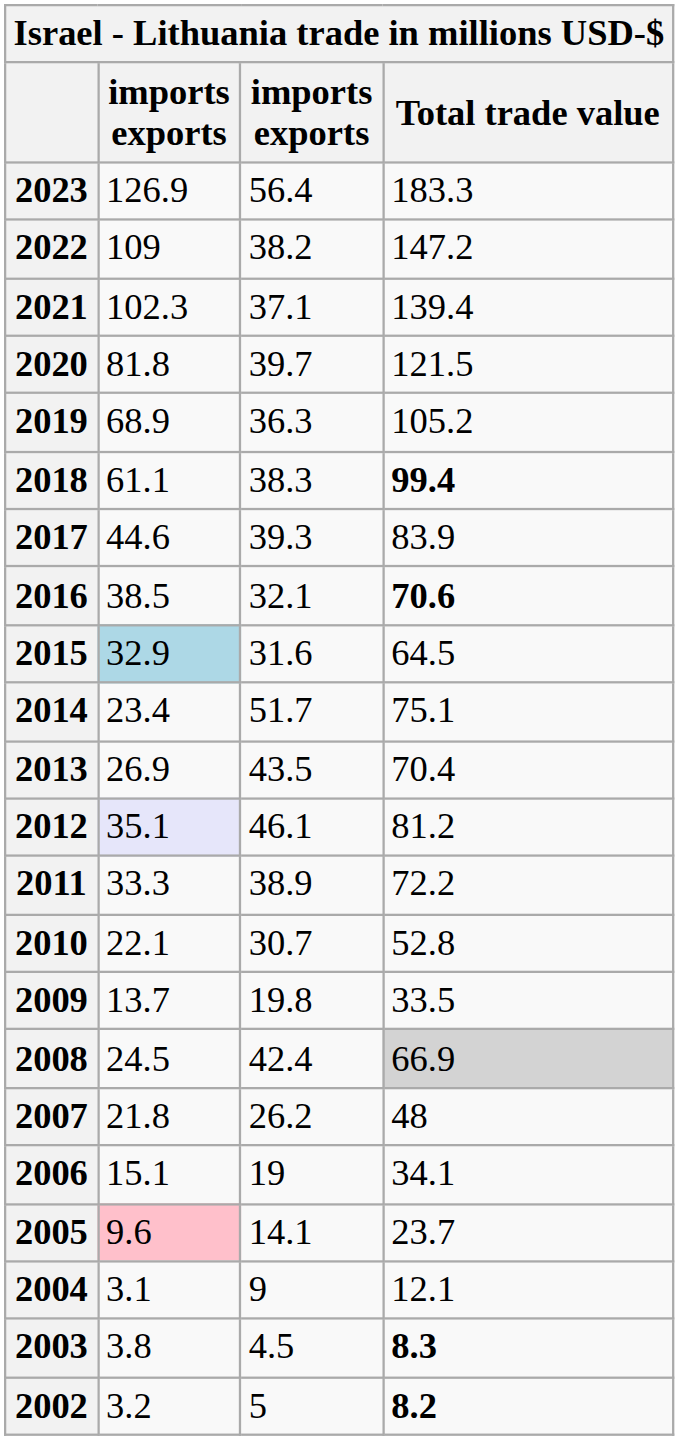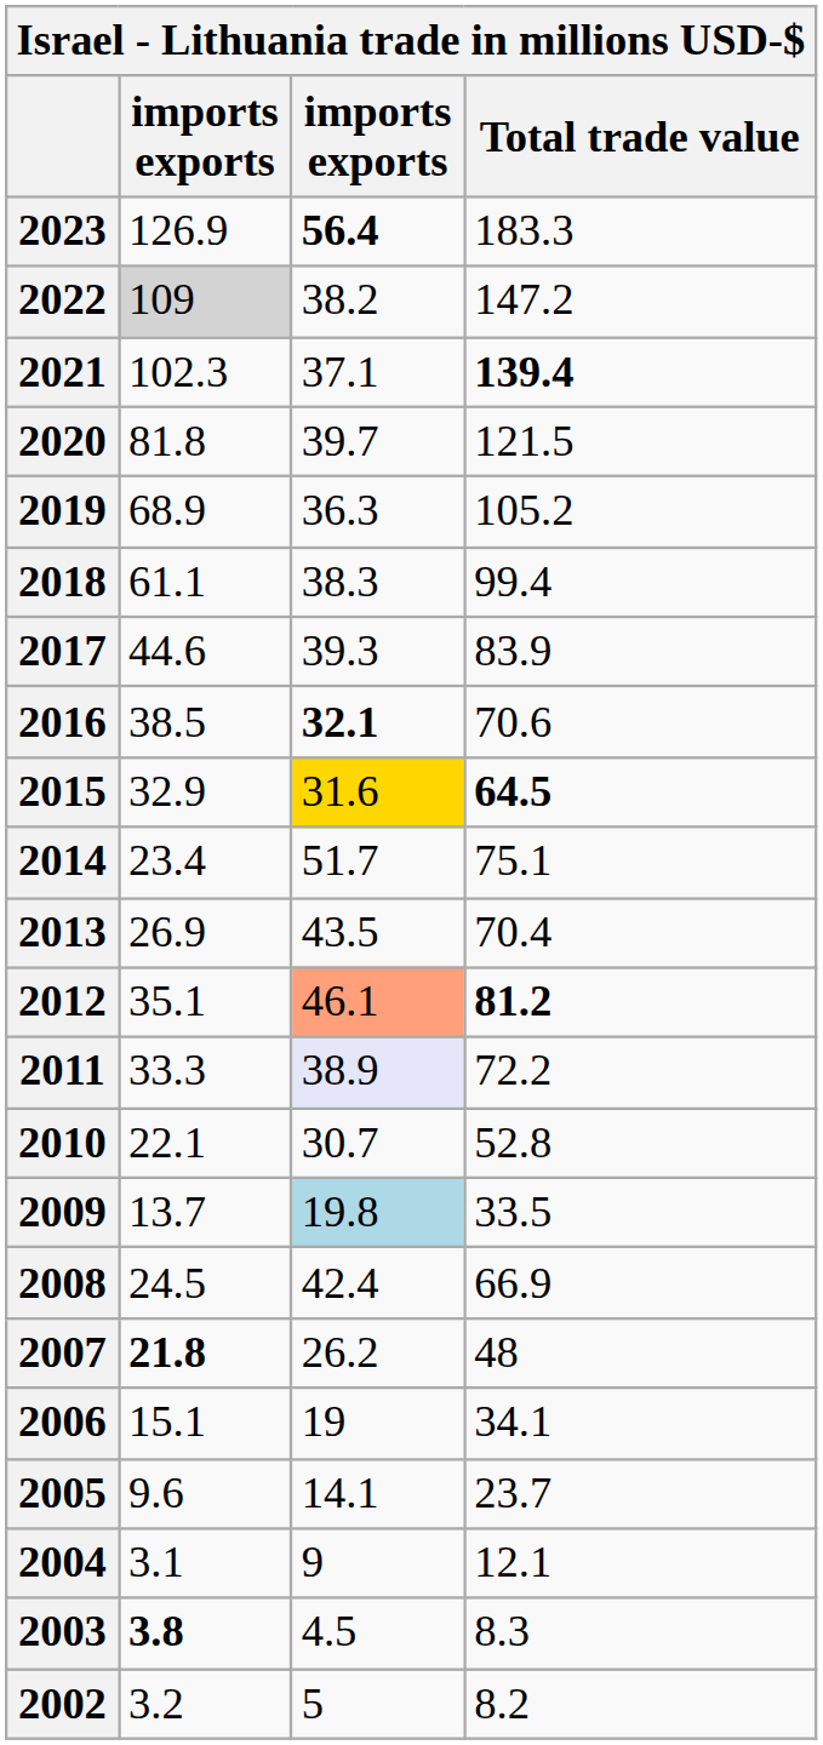 <table class="wikitable mw-collapsible mw-collapsed">
 <tr>
 <th colspan="4">Israel - Lithuania  trade in millions USD-$</th>
 </tr>
 <tr>
 <th></th>
 <th> imports<br> exports</th>
 <th> imports<br> exports</th>
 <th>Total trade value</th>
 </tr>
 <tr>
 <th>2023</th>
 <td>126.9</td>
-<td>56.4</td>
+<td><strong>56.4</strong></td>
 <td>183.3</td>
 </tr>
 <tr>
 <th>2022</th>
-<td>109</td>
+<td style="background: lightgrey;">109</td>
 <td>38.2</td>
 <td>147.2</td>
 </tr>
 <tr>
 <th>2021</th>
 <td>102.3</td>
 <td>37.1</td>
-<td>139.4</td>
+<td><strong>139.4</strong></td>
 </tr>
 <tr>
 <th>2020</th>
 <td>81.8</td>
 <td>39.7</td>
 <td>121.5</td>
 </tr>
 <tr>
 <th>2019</th>
 <td>68.9</td>
 <td>36.3</td>
 <td>105.2</td>
 </tr>
 <tr>
 <th>2018</th>
 <td>61.1</td>
 <td>38.3</td>
-<td><strong>99.4</strong></td>
+<td>99.4</td>
 </tr>
 <tr>
 <th>2017</th>
 <td>44.6</td>
 <td>39.3</td>
 <td>83.9</td>
 </tr>
 <tr>
 <th>2016</th>
 <td>38.5</td>
-<td>32.1</td>
-<td><strong>70.6</strong></td>
+<td><strong>32.1</strong></td>
+<td>70.6</td>
 </tr>
 <tr>
 <th>2015</th>
-<td style="background: lightblue;">32.9</td>
-<td>31.6</td>
-<td>64.5</td>
+<td>32.9</td>
+<td style="background: gold;">31.6</td>
+<td><strong>64.5</strong></td>
 </tr>
 <tr>
 <th>2014</th>
 <td>23.4</td>
 <td>51.7</td>
 <td>75.1</td>
 </tr>
 <tr>
 <th>2013</th>
 <td>26.9</td>
 <td>43.5</td>
 <td>70.4</td>
 </tr>
 <tr>
 <th>2012</th>
-<td style="background: lavender;">35.1</td>
-<td>46.1</td>
-<td>81.2</td>
+<td>35.1</td>
+<td style="background: lightsalmon;">46.1</td>
+<td><strong>81.2</strong></td>
 </tr>
 <tr>
 <th>2011</th>
 <td>33.3</td>
-<td>38.9</td>
+<td style="background: lavender;">38.9</td>
 <td>72.2</td>
 </tr>
 <tr>
 <th>2010</th>
 <td>22.1</td>
 <td>30.7</td>
 <td>52.8</td>
 </tr>
 <tr>
 <th>2009</th>
 <td>13.7</td>
-<td>19.8</td>
+<td style="background: lightblue;">19.8</td>
 <td>33.5</td>
 </tr>
 <tr>
 <th>2008</th>
 <td>24.5</td>
 <td>42.4</td>
-<td style="background: lightgrey;">66.9</td>
+<td>66.9</td>
 </tr>
 <tr>
 <th>2007</th>
-<td>21.8</td>
+<td><strong>21.8</strong></td>
 <td>26.2</td>
 <td>48</td>
 </tr>
 <tr>
 <th>2006</th>
 <td>15.1</td>
 <td>19</td>
 <td>34.1</td>
 </tr>
 <tr>
 <th>2005</th>
-<td style="background: pink;">9.6</td>
+<td>9.6</td>
 <td>14.1</td>
 <td>23.7</td>
 </tr>
 <tr>
 <th>2004</th>
 <td>3.1</td>
 <td>9</td>
 <td>12.1</td>
 </tr>
 <tr>
 <th>2003</th>
-<td>3.8</td>
+<td><strong>3.8</strong></td>
 <td>4.5</td>
-<td><strong>8.3</strong></td>
+<td>8.3</td>
 </tr>
 <tr>
 <th>2002</th>
 <td>3.2</td>
 <td>5</td>
-<td><strong>8.2</strong></td>
+<td>8.2</td>
 </tr>
 </table>
